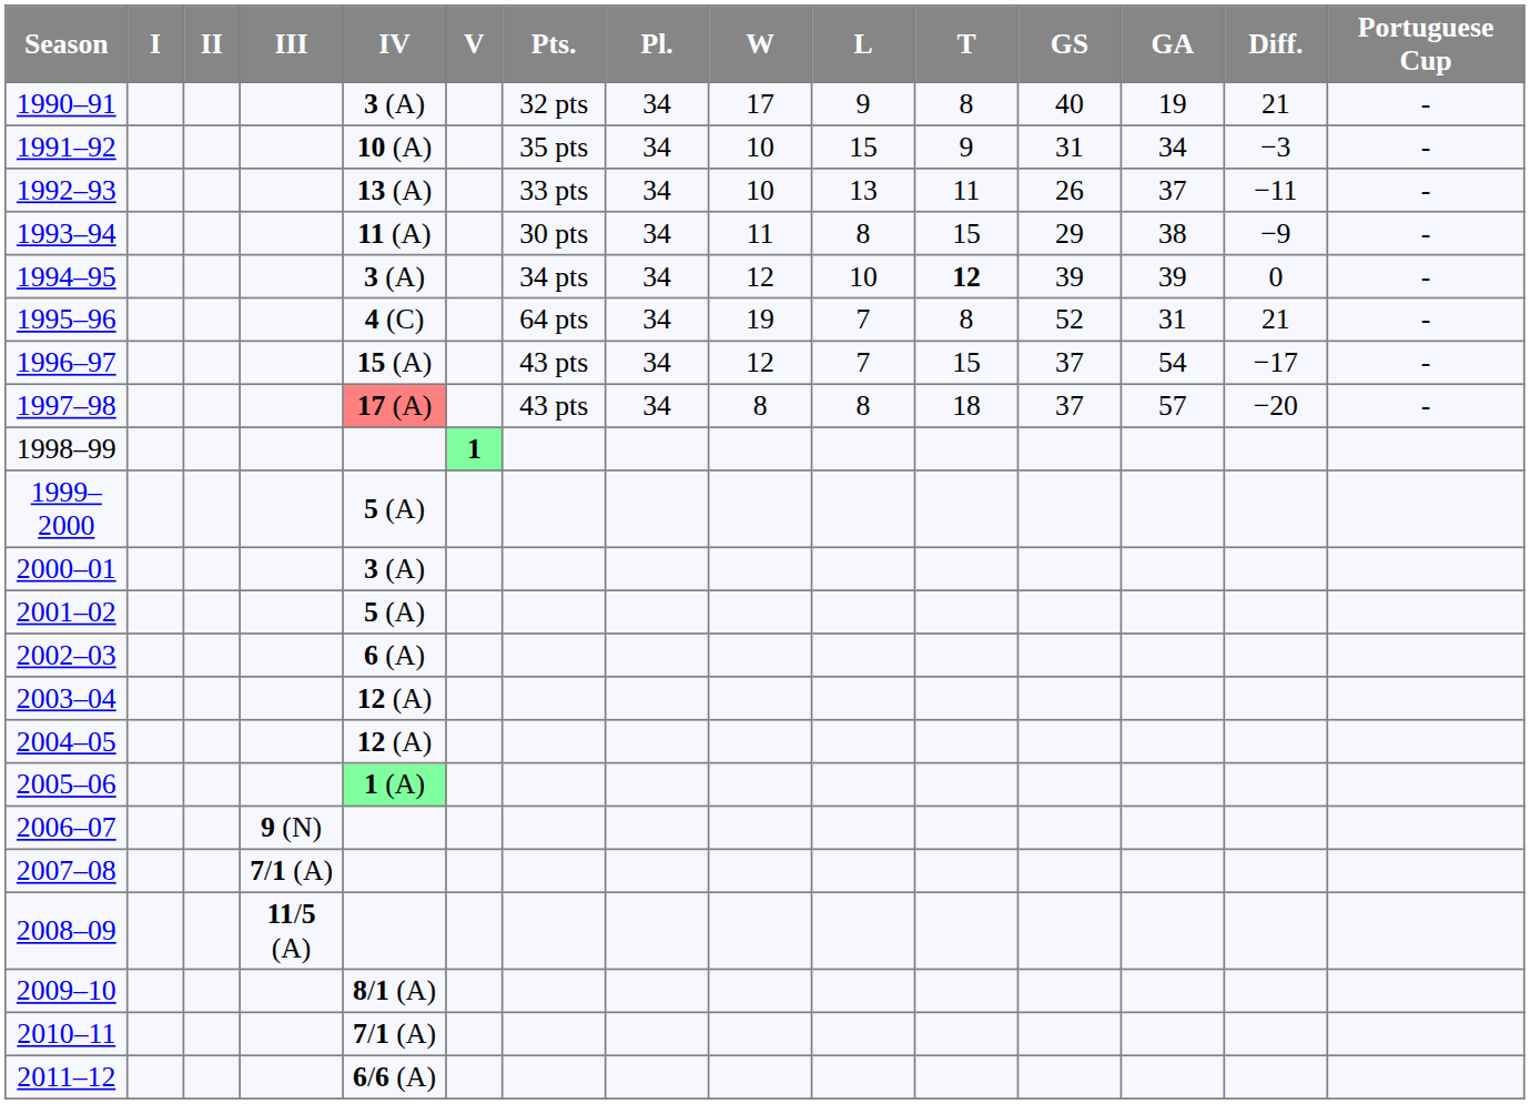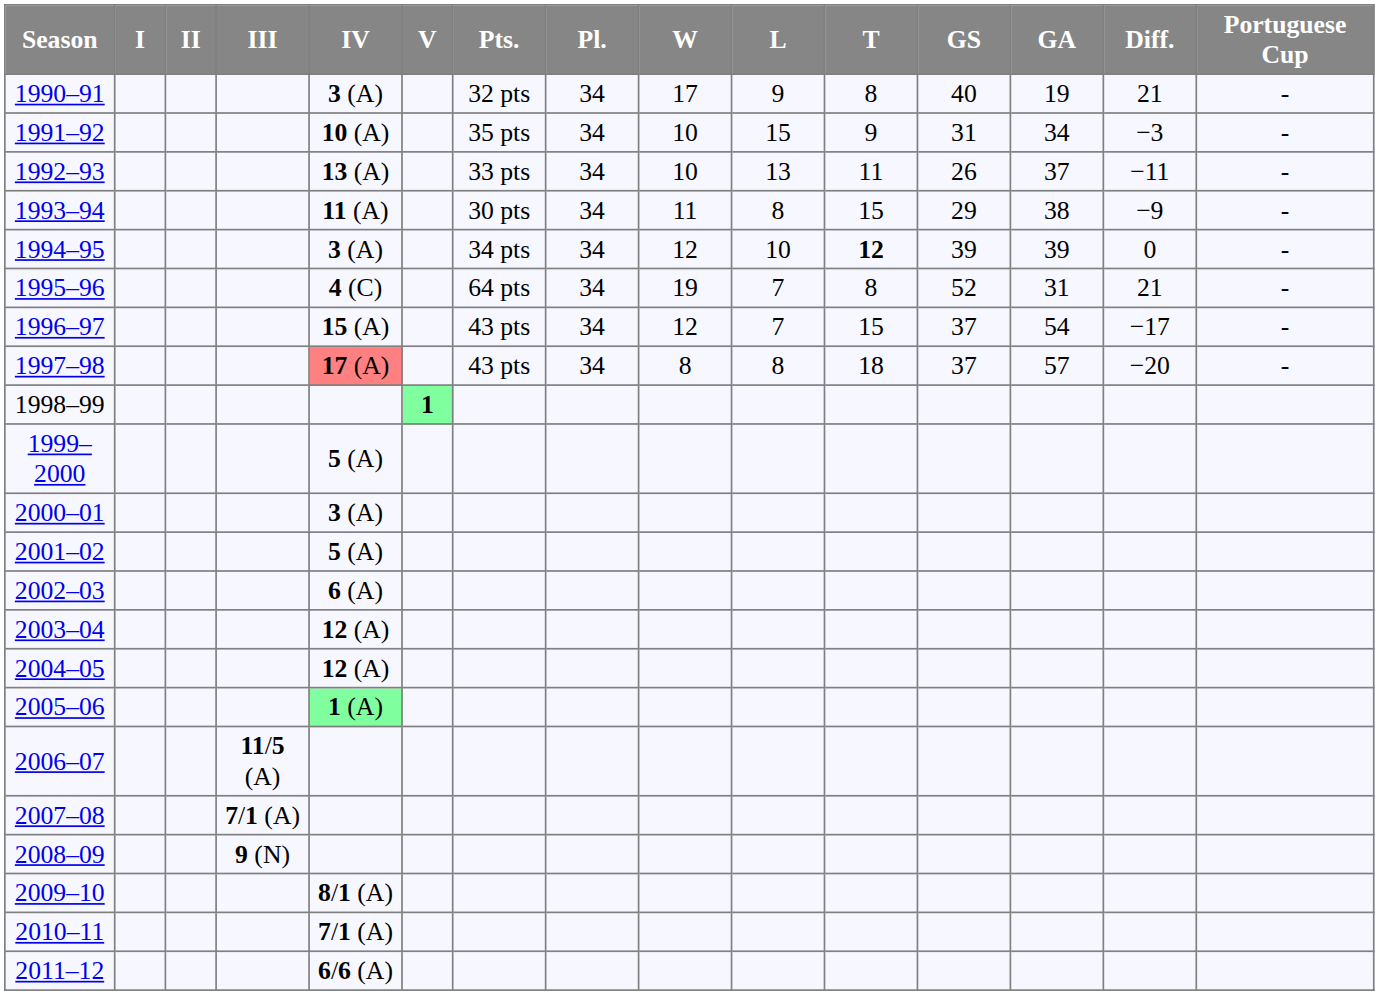 <table bgcolor="#f7f8ff" cellpadding="2" cellspacing="2" border="1" style="font-size: 95%; border: gray solid 1px; border-collapse: collapse; text-align:center">
 <tr bgcolor="#868686" style="color: #ffffff">
 <td width="60" align="center"><strong>Season</strong></td>
 <td width="25" align="center"><strong>I</strong></td>
 <td width="25" align="center"><strong>II</strong></td>
 <td width="50" align="center"><strong>III</strong></td>
 <td width="50" align="center"><strong>IV</strong></td>
 <td width="25" align="center"><strong>V</strong></td>
 <td width="50" align="center"><strong>Pts.</strong></td>
 <td width="50" align="center"><strong>Pl.</strong></td>
 <td width="50" align="center"><strong>W</strong></td>
 <td width="50" align="center"><strong>L</strong></td>
 <td width="50" align="center"><strong>T</strong></td>
 <td width="50" align="center"><strong>GS</strong></td>
 <td width="50" align="center"><strong>GA</strong></td>
 <td width="50" align="center"><strong>Diff.</strong></td>
 <td width="100" align="center"><strong>Portuguese Cup</strong></td>
 </tr>
 <tr>
 <td><a href='#'>1990–91</a></td>
 <td></td>
 <td></td>
 <td></td>
 <td><strong>3</strong> (A)</td>
 <td></td>
 <td>32 pts</td>
 <td>34</td>
 <td>17</td>
 <td>9</td>
 <td>8</td>
 <td>40</td>
 <td>19</td>
 <td>21</td>
 <td>-</td>
 </tr>
 <tr>
 <td><a href='#'>1991–92</a></td>
 <td></td>
 <td></td>
 <td></td>
 <td><strong>10</strong> (A)</td>
 <td></td>
 <td>35 pts</td>
 <td>34</td>
 <td>10</td>
 <td>15</td>
 <td>9</td>
 <td>31</td>
 <td>34</td>
 <td>−3</td>
 <td>-</td>
 </tr>
 <tr>
 <td><a href='#'>1992–93</a></td>
 <td></td>
 <td></td>
 <td></td>
 <td><strong>13</strong> (A)</td>
 <td></td>
 <td>33 pts</td>
 <td>34</td>
 <td>10</td>
 <td>13</td>
 <td>11</td>
 <td>26</td>
 <td>37</td>
 <td>−11</td>
 <td>-</td>
 </tr>
 <tr>
 <td><a href='#'>1993–94</a></td>
 <td></td>
 <td></td>
 <td></td>
 <td><strong>11</strong> (A)</td>
 <td></td>
 <td>30 pts</td>
 <td>34</td>
 <td>11</td>
 <td>8</td>
 <td>15</td>
 <td>29</td>
 <td>38</td>
 <td>−9</td>
 <td>-</td>
 </tr>
 <tr>
 <td><a href='#'>1994–95</a></td>
 <td></td>
 <td></td>
 <td></td>
 <td><strong>3</strong> (A)</td>
 <td></td>
 <td>34 pts</td>
 <td>34</td>
 <td>12</td>
 <td>10</td>
 <td><strong>12</strong></td>
 <td>39</td>
 <td>39</td>
 <td>0</td>
 <td>-</td>
 </tr>
 <tr>
 <td><a href='#'>1995–96</a></td>
 <td></td>
 <td></td>
 <td></td>
 <td><strong>4</strong> (C)</td>
 <td></td>
 <td>64 pts</td>
 <td>34</td>
 <td>19</td>
 <td>7</td>
 <td>8</td>
 <td>52</td>
 <td>31</td>
 <td>21</td>
 <td>-</td>
 </tr>
 <tr>
 <td><a href='#'>1996–97</a></td>
 <td></td>
 <td></td>
 <td></td>
 <td><strong>15</strong> (A)</td>
 <td></td>
 <td>43 pts</td>
 <td>34</td>
 <td>12</td>
 <td>7</td>
 <td>15</td>
 <td>37</td>
 <td>54</td>
 <td>−17</td>
 <td>-</td>
 </tr>
 <tr>
 <td><a href='#'>1997–98</a></td>
 <td></td>
 <td></td>
 <td></td>
 <td bgcolor="#FF8080"><strong>17</strong> (A)</td>
 <td></td>
 <td>43 pts</td>
 <td>34</td>
 <td>8</td>
 <td>8</td>
 <td>18</td>
 <td>37</td>
 <td>57</td>
 <td>−20</td>
 <td>-</td>
 </tr>
 <tr>
 <td>1998–99</td>
 <td></td>
 <td></td>
 <td></td>
 <td></td>
 <td bgcolor="#80FF9F"><strong>1</strong></td>
 <td></td>
 <td></td>
 <td></td>
 <td></td>
 <td></td>
 <td></td>
 <td></td>
 <td></td>
 <td></td>
 </tr>
 <tr>
 <td><a href='#'>1999–2000</a></td>
 <td></td>
 <td></td>
 <td></td>
 <td><strong>5</strong> (A)</td>
 <td></td>
 <td></td>
 <td></td>
 <td></td>
 <td></td>
 <td></td>
 <td></td>
 <td></td>
 <td></td>
 <td></td>
 </tr>
 <tr>
 <td><a href='#'>2000–01</a></td>
 <td></td>
 <td></td>
 <td></td>
 <td><strong>3</strong> (A)</td>
 <td></td>
 <td></td>
 <td></td>
 <td></td>
 <td></td>
 <td></td>
 <td></td>
 <td></td>
 <td></td>
 <td></td>
 </tr>
 <tr>
 <td><a href='#'>2001–02</a></td>
 <td></td>
 <td></td>
 <td></td>
 <td><strong>5</strong> (A)</td>
 <td></td>
 <td></td>
 <td></td>
 <td></td>
 <td></td>
 <td></td>
 <td></td>
 <td></td>
 <td></td>
 <td></td>
 </tr>
 <tr>
 <td><a href='#'>2002–03</a></td>
 <td></td>
 <td></td>
 <td></td>
 <td><strong>6</strong> (A)</td>
 <td></td>
 <td></td>
 <td></td>
 <td></td>
 <td></td>
 <td></td>
 <td></td>
 <td></td>
 <td></td>
 <td></td>
 </tr>
 <tr>
 <td><a href='#'>2003–04</a></td>
 <td></td>
 <td></td>
 <td></td>
 <td><strong>12</strong> (A)</td>
 <td></td>
 <td></td>
 <td></td>
 <td></td>
 <td></td>
 <td></td>
 <td></td>
 <td></td>
 <td></td>
 <td></td>
 </tr>
 <tr>
 <td><a href='#'>2004–05</a></td>
 <td></td>
 <td></td>
 <td></td>
 <td><strong>12</strong> (A)</td>
 <td></td>
 <td></td>
 <td></td>
 <td></td>
 <td></td>
 <td></td>
 <td></td>
 <td></td>
 <td></td>
 <td></td>
 </tr>
 <tr>
 <td><a href='#'>2005–06</a></td>
 <td></td>
 <td></td>
 <td></td>
 <td bgcolor="#80FF9F"><strong>1</strong> (A)</td>
 <td></td>
 <td></td>
 <td></td>
 <td></td>
 <td></td>
 <td></td>
 <td></td>
 <td></td>
 <td></td>
 <td></td>
 </tr>
 <tr>
 <td><a href='#'>2006–07</a></td>
 <td></td>
 <td></td>
-<td><strong>9</strong> (N)</td>
+<td><strong>11</strong>/<strong>5</strong> (A)</td>
 <td></td>
 <td></td>
 <td></td>
 <td></td>
 <td></td>
 <td></td>
 <td></td>
 <td></td>
 <td></td>
 <td></td>
 </tr>
 <tr>
 <td><a href='#'>2007–08</a></td>
 <td></td>
 <td></td>
 <td><strong>7</strong>/<strong>1</strong> (A)</td>
 <td></td>
 <td></td>
 <td></td>
 <td></td>
 <td></td>
 <td></td>
 <td></td>
 <td></td>
 <td></td>
 <td></td>
 <td></td>
 </tr>
 <tr>
 <td><a href='#'>2008–09</a></td>
 <td></td>
 <td></td>
-<td><strong>11</strong>/<strong>5</strong> (A)</td>
+<td><strong>9</strong> (N)</td>
 <td></td>
 <td></td>
 <td></td>
 <td></td>
 <td></td>
 <td></td>
 <td></td>
 <td></td>
 <td></td>
 <td></td>
 <td></td>
 </tr>
 <tr>
 <td><a href='#'>2009–10</a></td>
 <td></td>
 <td></td>
 <td></td>
 <td><strong>8</strong>/<strong>1</strong> (A)</td>
 <td></td>
 <td></td>
 <td></td>
 <td></td>
 <td></td>
 <td></td>
 <td></td>
 <td></td>
 <td></td>
 <td></td>
 </tr>
 <tr>
 <td><a href='#'>2010–11</a></td>
 <td></td>
 <td></td>
 <td></td>
 <td><strong>7</strong>/<strong>1</strong> (A)</td>
 <td></td>
 <td></td>
 <td></td>
 <td></td>
 <td></td>
 <td></td>
 <td></td>
 <td></td>
 <td></td>
 <td></td>
 </tr>
 <tr>
 <td><a href='#'>2011–12</a></td>
 <td></td>
 <td></td>
 <td></td>
 <td><strong>6</strong>/<strong>6</strong> (A)</td>
 <td></td>
 <td></td>
 <td></td>
 <td></td>
 <td></td>
 <td></td>
 <td></td>
 <td></td>
 <td></td>
 <td></td>
 </tr>
 </table>
